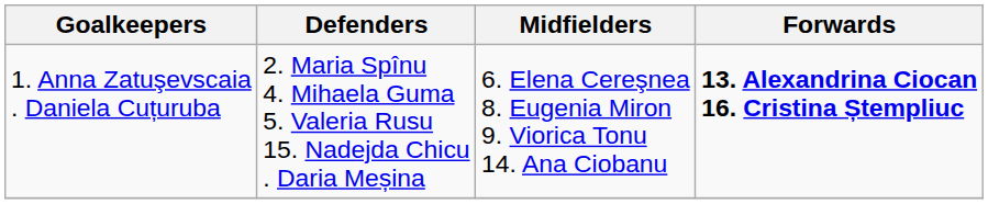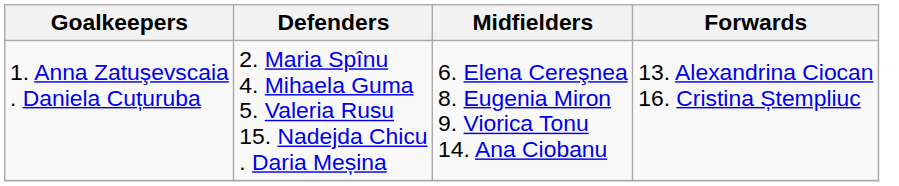 <table class="wikitable">
 <tr>
 <th>Goalkeepers</th>
 <th>Defenders</th>
 <th>Midfielders</th>
 <th>Forwards</th>
 </tr>
 <tr>
 <td>1.  <a href='#'>Anna Zatuşevscaia</a> <br> .  <a href='#'>Daniela Cuțuruba</a> <br>  <br>  <br> </td>
 <td>2.  <a href='#'>Maria Spînu</a> <br> 4.  <a href='#'>Mihaela Guma</a> <br> 5.  <a href='#'>Valeria Rusu</a> <br> 15.  <a href='#'>Nadejda Chicu</a> <br> .  <a href='#'>Daria Meșina</a></td>
 <td>6.  <a href='#'>Elena Cereşnea</a> <br> 8.  <a href='#'>Eugenia Miron</a> <br> 9.  <a href='#'>Viorica Tonu</a> <br> 14.  <a href='#'>Ana Ciobanu</a> <br> </td>
-<td><strong>13.  <a href='#'>Alexandrina Ciocan</a> <br> 16.  <a href='#'>Cristina Ștempliuc</a> <br>  <br>  <br> </strong></td>
+<td>13.  <a href='#'>Alexandrina Ciocan</a> <br> 16.  <a href='#'>Cristina Ștempliuc</a> <br>  <br>  <br> </td>
 </tr>
 <tr>
 </tr>
 </table>
